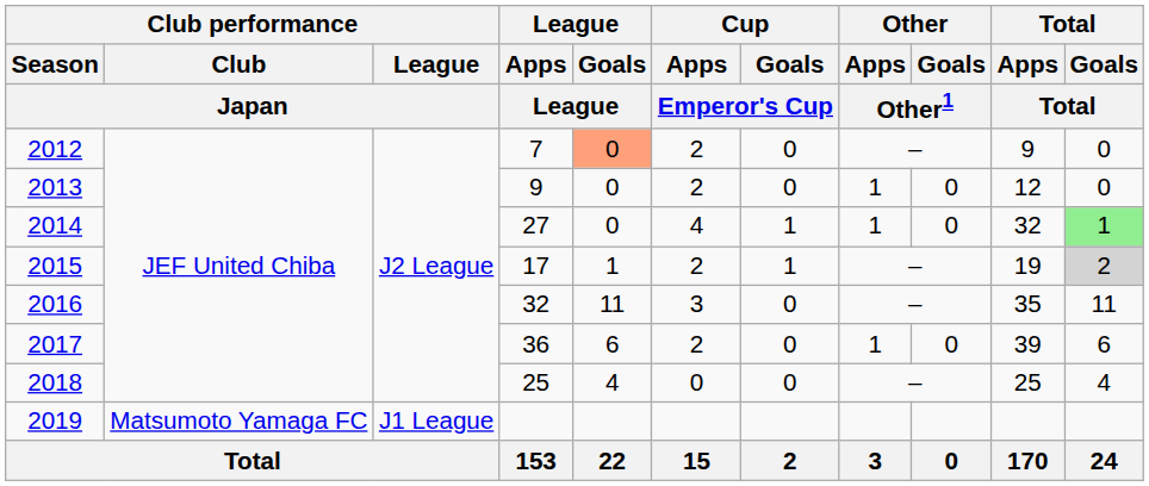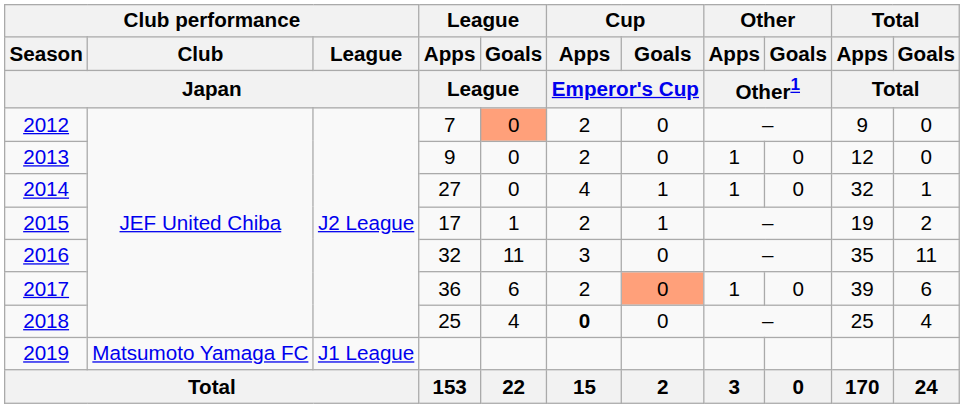 <table class="wikitable" style="text-align:center;">
 <tr>
 <th colspan=3>Club performance</th>
 <th colspan=2>League</th>
 <th colspan=2>Cup</th>
 <th colspan=2>Other</th>
 <th colspan=2>Total</th>
 </tr>
 <tr>
 <th>Season</th>
 <th>Club</th>
 <th>League</th>
 <th>Apps</th>
 <th>Goals</th>
 <th>Apps</th>
 <th>Goals</th>
 <th>Apps</th>
 <th>Goals</th>
 <th>Apps</th>
 <th>Goals</th>
 </tr>
 <tr>
 <th colspan=3>Japan</th>
 <th colspan=2>League</th>
 <th colspan=2><a href='#'>Emperor's Cup</a></th>
 <th colspan="2">Other<sup><a href='#'>1</a></sup></th>
 <th colspan=2>Total</th>
 </tr>
 <tr>
 <td><a href='#'>2012</a></td>
 <td rowspan="7"><a href='#'>JEF United Chiba</a></td>
 <td rowspan="7"><a href='#'>J2 League</a></td>
 <td>7</td>
 <td style="background: lightsalmon;">0</td>
 <td>2</td>
 <td>0</td>
 <td colspan="2">–</td>
 <td>9</td>
 <td>0</td>
 </tr>
 <tr>
 <td><a href='#'>2013</a></td>
 <td>9</td>
 <td>0</td>
 <td>2</td>
 <td>0</td>
 <td>1</td>
 <td>0</td>
 <td>12</td>
 <td>0</td>
 </tr>
 <tr>
 <td><a href='#'>2014</a></td>
 <td>27</td>
 <td>0</td>
 <td>4</td>
 <td>1</td>
 <td>1</td>
 <td>0</td>
 <td>32</td>
-<td style="background: lightgreen;">1</td>
+<td>1</td>
 </tr>
 <tr>
 <td><a href='#'>2015</a></td>
 <td>17</td>
 <td>1</td>
 <td>2</td>
 <td>1</td>
 <td colspan="2">–</td>
 <td>19</td>
-<td style="background: lightgrey;">2</td>
+<td>2</td>
 </tr>
 <tr>
 <td><a href='#'>2016</a></td>
 <td>32</td>
 <td>11</td>
 <td>3</td>
 <td>0</td>
 <td colspan="2">–</td>
 <td>35</td>
 <td>11</td>
 </tr>
 <tr>
 <td><a href='#'>2017</a></td>
 <td>36</td>
 <td>6</td>
 <td>2</td>
-<td>0</td>
+<td style="background: lightsalmon;">0</td>
 <td>1</td>
 <td>0</td>
 <td>39</td>
 <td>6</td>
 </tr>
 <tr>
 <td><a href='#'>2018</a></td>
 <td>25</td>
 <td>4</td>
-<td>0</td>
+<td><strong>0</strong></td>
 <td>0</td>
 <td colspan="2">–</td>
 <td>25</td>
 <td>4</td>
 </tr>
 <tr>
 <td><a href='#'>2019</a></td>
 <td><a href='#'>Matsumoto Yamaga FC</a></td>
 <td><a href='#'>J1 League</a></td>
 <td></td>
 <td></td>
 <td></td>
 <td></td>
 <td></td>
 <td></td>
 <td></td>
 <td></td>
 </tr>
 <tr>
 <th colspan=3>Total</th>
 <th>153</th>
 <th>22</th>
 <th>15</th>
 <th>2</th>
 <th>3</th>
 <th>0</th>
 <th>170</th>
 <th>24</th>
 </tr>
 </table>
